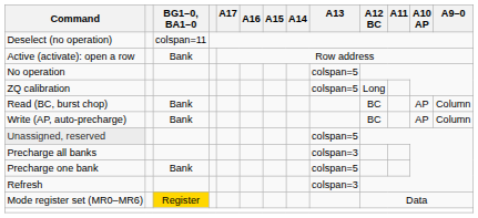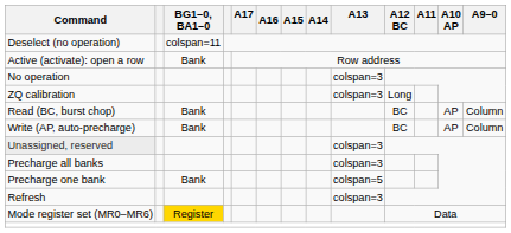 <table class="wikitable plainrowheaders" style= "text-align: center; font-size: 95%;">
 <tr>
 <th>Command</th>
 <th><br> </th>
 <th>BG1–0,<br>BA1–0</th>
 <th><br> </th>
 <th>A17<br> </th>
 <th>A16<br></th>
 <th>A15<br></th>
 <th>A14<br></th>
 <th>A13<br> </th>
 <th>A12<br>BC</th>
 <th>A11<br> </th>
 <th>A10<br>AP</th>
 <th>A9–0<br> </th>
 </tr>
 <tr>
 <td style="text-align:left;">Deselect (no operation)</td>
 <td></td>
 <td>colspan=11 </td>
 </tr>
 <tr>
 <td style="text-align:left;">Active (activate): open a row</td>
 <td></td>
 <td>Bank</td>
 <td></td>
 <td colspan=9>Row address</td>
 </tr>
 <tr>
 <td style="text-align:left;">No operation</td>
 <td></td>
 <td></td>
 <td></td>
 <td></td>
 <td></td>
 <td></td>
 <td></td>
-<td>colspan=5 </td>
+<td>colspan=3 </td>
 </tr>
 <tr>
 <td style="text-align:left;">ZQ calibration</td>
 <td></td>
 <td></td>
 <td></td>
 <td></td>
 <td></td>
 <td></td>
 <td></td>
-<td>colspan=5 </td>
+<td>colspan=3 </td>
 <td>Long</td>
 <td></td>
 </tr>
 <tr>
 <td style="text-align:left;">Read (BC, burst chop)</td>
 <td></td>
 <td>Bank</td>
 <td></td>
 <td></td>
 <td></td>
 <td></td>
 <td></td>
 <td></td>
 <td>BC</td>
 <td></td>
 <td>AP</td>
 <td>Column</td>
 </tr>
 <tr>
 <td style="text-align:left;">Write (AP, auto-precharge)</td>
 <td></td>
 <td>Bank</td>
 <td></td>
 <td></td>
 <td></td>
 <td></td>
 <td></td>
 <td></td>
 <td>BC</td>
 <td></td>
 <td>AP</td>
 <td>Column</td>
 </tr>
 <tr>
 <td style="text-align:left; background: #ececec; color: #2C2C2C;">Unassigned, reserved</td>
 <td></td>
 <td></td>
 <td></td>
 <td></td>
 <td></td>
 <td></td>
 <td></td>
-<td>colspan=5 </td>
+<td>colspan=3 </td>
 </tr>
 <tr>
 <td style="text-align:left;">Precharge all banks</td>
 <td></td>
 <td></td>
 <td></td>
 <td></td>
 <td></td>
 <td></td>
 <td></td>
 <td>colspan=3 </td>
 <td></td>
 <td></td>
 </tr>
 <tr>
 <td style="text-align:left;">Precharge one bank</td>
 <td></td>
 <td>Bank</td>
 <td></td>
 <td></td>
 <td></td>
 <td></td>
 <td></td>
 <td>colspan=5 </td>
 <td></td>
 <td></td>
 </tr>
 <tr>
 <td style="text-align:left;">Refresh</td>
 <td></td>
 <td></td>
 <td></td>
 <td></td>
 <td></td>
 <td></td>
 <td></td>
 <td>colspan=3 </td>
 </tr>
 <tr>
 <td style="text-align:left;">Mode register set (MR0–MR6)</td>
 <td></td>
 <td style="background: gold;">Register</td>
 <td></td>
 <td></td>
 <td></td>
 <td></td>
 <td></td>
 <td></td>
 <td colspan=4>Data</td>
 </tr>
 <tr>
 <td colspan="14" style="background-color:#FFF;"><small></small></td>
 </tr>
 </table>
